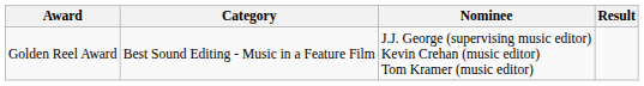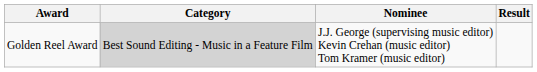 <table class="wikitable sortable">
 <tr>
 <th>Award</th>
 <th>Category</th>
 <th>Nominee</th>
 <th>Result</th>
 </tr>
 <tr>
 <td rowspan="2">Golden Reel Award</td>
-<td>Best Sound Editing - Music in a Feature Film</td>
+<td style="background: lightgrey;">Best Sound Editing - Music in a Feature Film</td>
 <td>J.J. George (supervising music editor) <br>Kevin Crehan (music editor) <br>Tom Kramer (music editor)</td>
 <td></td>
 </tr>
 </table>
